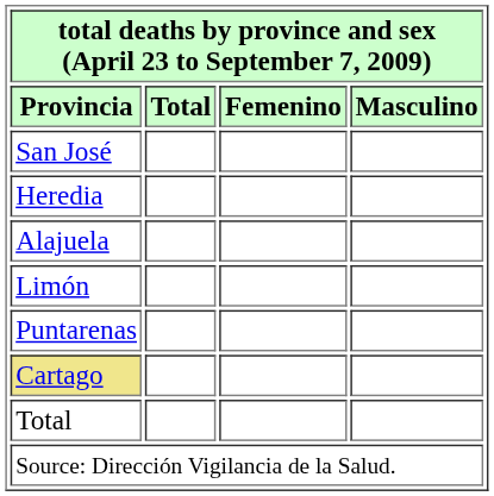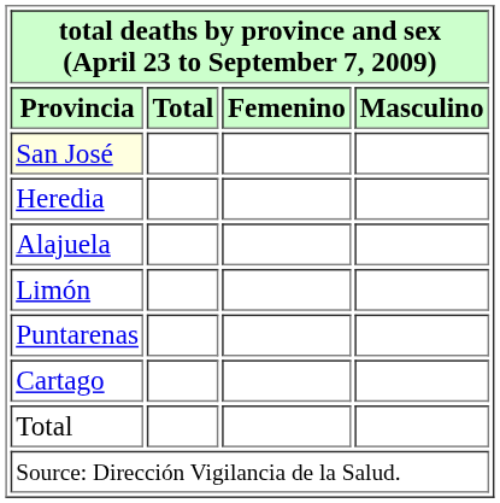 <table border="1" cellpadding="2" style="margin: 1em auto 1em auto">
 <tr>
 <th colspan="4" align=center style="background-color: #ccffcc;">total deaths by province and sex<br>  (April 23 to September 7, 2009)</th>
 </tr>
 <tr>
 <th style="background-color: #ccffcc;">Provincia</th>
 <th style="background-color: #ccffcc;">Total</th>
 <th style="background-color: #ccffcc;">Femenino</th>
 <th style="background-color: #ccffcc;">Masculino</th>
 </tr>
 <tr>
-<td><a href='#'>San José</a></td>
+<td style="background: lightyellow;"><a href='#'>San José</a></td>
 <td></td>
 <td></td>
 <td></td>
 </tr>
 <tr>
 <td><a href='#'>Heredia</a></td>
 <td></td>
 <td></td>
 <td></td>
 </tr>
 <tr>
 <td><a href='#'>Alajuela</a></td>
 <td></td>
 <td></td>
 <td></td>
 </tr>
 <tr>
 <td><a href='#'>Limón</a></td>
 <td></td>
 <td></td>
 <td></td>
 </tr>
 <tr>
 <td><a href='#'>Puntarenas</a></td>
 <td></td>
 <td></td>
 <td></td>
 </tr>
 <tr>
-<td style="background: khaki;"><a href='#'>Cartago</a></td>
+<td><a href='#'>Cartago</a></td>
 <td></td>
 <td></td>
 <td></td>
 </tr>
 <tr>
 <td>Total</td>
 <td></td>
 <td></td>
 <td></td>
 </tr>
 <tr>
 <td colspan="6"><small>Source: Dirección Vigilancia de la Salud.</small></td>
 </tr>
 </table>
